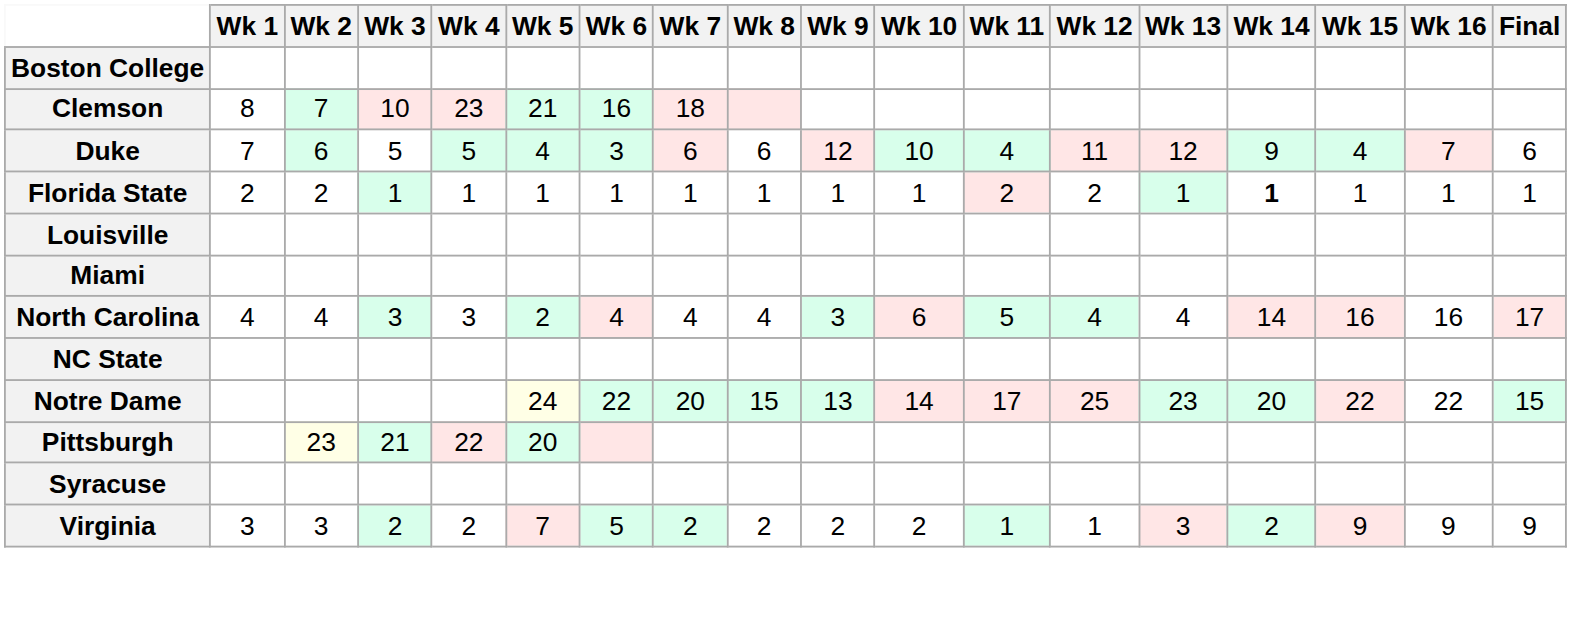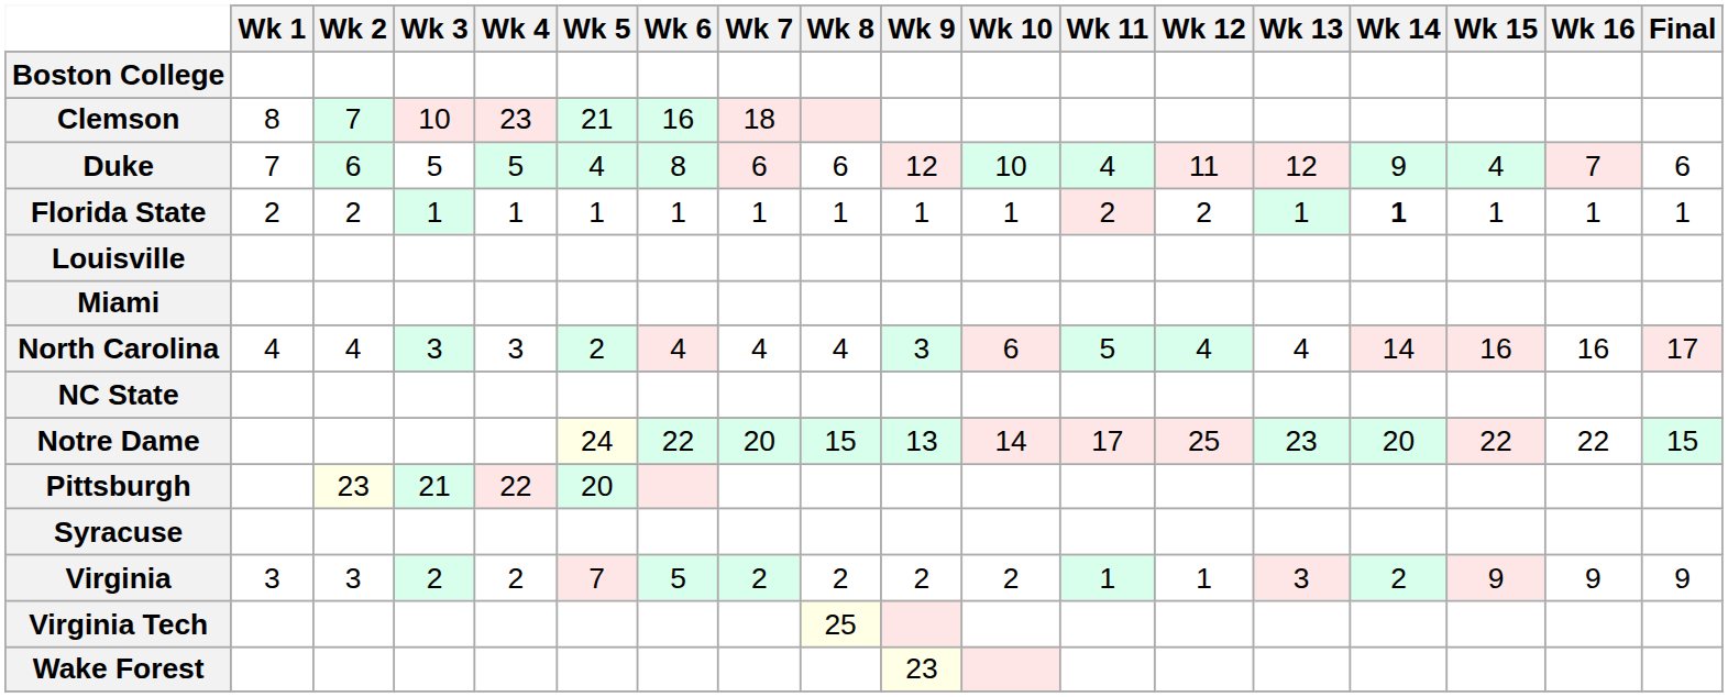 <table class="wikitable" style="white-space:nowrap;font-size:90%;">
 <tr>
 <th colspan=1 style="background:white; border-top-style:hidden; border-left-style:hidden;"> </th>
 <th>Wk 1 <br></th>
 <th>Wk 2 <br></th>
 <th>Wk 3 <br></th>
 <th>Wk 4 <br></th>
 <th>Wk 5 <br></th>
 <th>Wk 6 <br></th>
 <th>Wk 7 <br></th>
 <th>Wk 8 <br></th>
 <th>Wk 9 <br></th>
 <th>Wk 10 <br></th>
 <th>Wk 11 <br></th>
 <th>Wk 12 <br></th>
 <th>Wk 13 <br></th>
 <th>Wk 14 <br></th>
 <th>Wk 15 <br></th>
 <th>Wk 16 <br></th>
 <th>Final <br></th>
 </tr>
 <tr style="text-align:center;">
 <th>Boston College</th>
 <td style="background:#FFF;"></td>
 <td style="background:#FFF;"></td>
 <td style="background:#FFF;"></td>
 <td style="background:#FFF;"></td>
 <td style="background:#FFF;"></td>
 <td style="background:#FFF;"></td>
 <td style="background:#FFF;"></td>
 <td style="background:#FFF;"></td>
 <td style="background:#FFF;"></td>
 <td style="background:#FFF;"></td>
 <td style="background:#FFF;"></td>
 <td style="background:#FFF;"></td>
 <td style="background:#FFF;"></td>
 <td style="background:#FFF;"></td>
 <td style="background:#FFF;"></td>
 <td style="background:#FFF;"></td>
 <td style="background:#FFF;"></td>
 </tr>
 <tr style="text-align:center;">
 <th>Clemson</th>
 <td style="background:#FFF;"> 8</td>
 <td style="background:#D8FFEB;"> 7</td>
 <td style="background:#FFE6E6;"> 10</td>
 <td style="background:#FFE6E6;"> 23</td>
 <td style="background:#D8FFEB;"> 21</td>
 <td style="background:#D8FFEB;"> 16</td>
 <td style="background:#FFE6E6;"> 18</td>
 <td style="background:#FFE6E6;"></td>
 <td style="background:#FFF;"></td>
 <td style="background:#FFF;"></td>
 <td style="background:#FFF;"></td>
 <td style="background:#FFF;"></td>
 <td style="background:#FFF;"></td>
 <td style="background:#FFF;"></td>
 <td style="background:#FFF;"></td>
 <td style="background:#FFF;"></td>
 <td style="background:#FFF;"></td>
 </tr>
 <tr style="text-align:center;">
 <th>Duke</th>
 <td style="background:#FFF;"> 7</td>
 <td style="background:#D8FFEB;"> 6</td>
 <td style="background:#FFF;"> 5</td>
 <td style="background:#D8FFEB;"> 5</td>
 <td style="background:#D8FFEB;"> 4</td>
-<td style="background:#D8FFEB;"> 3</td>
+<td style="background:#D8FFEB;"> 8</td>
 <td style="background:#FFE6E6;"> 6</td>
 <td style="background:#FFF;"> 6</td>
 <td style="background:#FFE6E6;"> 12</td>
 <td style="background:#D8FFEB;"> 10</td>
 <td style="background:#D8FFEB;"> 4</td>
 <td style="background:#FFE6E6;"> 11</td>
 <td style="background:#FFE6E6;"> 12</td>
 <td style="background:#D8FFEB;"> 9</td>
 <td style="background:#D8FFEB;"> 4</td>
 <td style="background:#FFE6E6;"> 7</td>
 <td style="background:#FFF;"> 6</td>
 </tr>
 <tr style="text-align:center;">
 <th !>Florida State</th>
 <td style="background:#FFF;"> 2</td>
 <td style="background:#FFF;"> 2</td>
 <td style="background:#D8FFEB;"> 1</td>
 <td style="background:#FFF;"> 1</td>
 <td style="background:#FFF;"> 1</td>
 <td style="background:#FFF;"> 1</td>
 <td style="background:#FFF;"> 1</td>
 <td style="background:#FFF;"> 1</td>
 <td style="background:#FFF;"> 1</td>
 <td style="background:#FFF;"> 1</td>
 <td style="background:#FFE6E6;"> 2</td>
 <td style="background:#FFF;"> 2</td>
 <td style="background:#D8FFEB;"> 1</td>
 <td style="background:#FFF;"><strong> 1</strong></td>
 <td style="background:#FFF;"> 1</td>
 <td style="background:#FFF;"> 1</td>
 <td style="background:#FFF;"> 1</td>
 </tr>
 <tr style="text-align:center;">
 <th>Louisville</th>
 <td style="background:#FFF;"></td>
 <td style="background:#FFF;"></td>
 <td style="background:#FFF;"></td>
 <td style="background:#FFF;"></td>
 <td style="background:#FFF;"></td>
 <td style="background:#FFF;"></td>
 <td style="background:#FFF;"></td>
 <td style="background:#FFF;"></td>
 <td style="background:#FFF;"></td>
 <td style="background:#FFF;"></td>
 <td style="background:#FFF;"></td>
 <td style="background:#FFF;"></td>
 <td style="background:#FFF;"></td>
 <td style="background:#FFF;"></td>
 <td style="background:#FFF;"></td>
 <td style="background:#FFF;"></td>
 <td style="background:#FFF;"></td>
 </tr>
 <tr style="text-align:center;">
 <th>Miami</th>
 <td style="background:#FFF;"></td>
 <td style="background:#FFF;"></td>
 <td style="background:#FFF;"></td>
 <td style="background:#FFF;"></td>
 <td style="background:#FFF;"></td>
 <td style="background:#FFF;"></td>
 <td style="background:#FFF;"></td>
 <td style="background:#FFF;"></td>
 <td style="background:#FFF;"></td>
 <td style="background:#FFF;"></td>
 <td style="background:#FFF;"></td>
 <td style="background:#FFF;"></td>
 <td style="background:#FFF;"></td>
 <td style="background:#FFF;"></td>
 <td style="background:#FFF;"></td>
 <td style="background:#FFF;"></td>
 <td style="background:#FFF;"></td>
 </tr>
 <tr style="text-align:center;">
 <th>North Carolina</th>
 <td style="background:#FFF;"> 4</td>
 <td style="background:#FFF;"> 4</td>
 <td style="background:#D8FFEB;"> 3</td>
 <td style="background:#FFF;"> 3</td>
 <td style="background:#D8FFEB;"> 2</td>
 <td style="background:#FFE6E6;"> 4</td>
 <td style="background:#FFF;"> 4</td>
 <td style="background:#FFF;"> 4</td>
 <td style="background:#D8FFEB;"> 3</td>
 <td style="background:#FFE6E6;"> 6</td>
 <td style="background:#D8FFEB;"> 5</td>
 <td style="background:#D8FFEB;"> 4</td>
 <td style="background:#FFF;"> 4</td>
 <td style="background:#FFE6E6;"> 14</td>
 <td style="background:#FFE6E6;"> 16</td>
 <td style="background:#FFF;"> 16</td>
 <td style="background:#FFE6E6;"> 17</td>
 </tr>
 <tr style="text-align:center;">
 <th>NC State</th>
 <td style="background:#FFF;"></td>
 <td style="background:#FFF;"></td>
 <td style="background:#FFF;"></td>
 <td style="background:#FFF;"></td>
 <td style="background:#FFF;"></td>
 <td style="background:#FFF;"></td>
 <td style="background:#FFF;"></td>
 <td style="background:#FFF;"></td>
 <td style="background:#FFF;"></td>
 <td style="background:#FFF;"></td>
 <td style="background:#FFF;"></td>
 <td style="background:#FFF;"></td>
 <td style="background:#FFF;"></td>
 <td style="background:#FFF;"></td>
 <td style="background:#FFF;"></td>
 <td style="background:#FFF;"></td>
 <td style="background:#FFF;"></td>
 </tr>
 <tr style="text-align:center;">
 <th>Notre Dame</th>
 <td style="background:#FFF;"></td>
 <td style="background:#FFF;"></td>
 <td style="background:#FFF;"></td>
 <td style="background:#FFF;"></td>
 <td style="background:#FFFFE6;"> 24</td>
 <td style="background:#D8FFEB;"> 22</td>
 <td style="background:#D8FFEB;"> 20</td>
 <td style="background:#D8FFEB;"> 15</td>
 <td style="background:#D8FFEB;"> 13</td>
 <td style="background:#FFE6E6;"> 14</td>
 <td style="background:#FFE6E6;"> 17</td>
 <td style="background:#FFE6E6;"> 25</td>
 <td style="background:#D8FFEB;"> 23</td>
 <td style="background:#D8FFEB;"> 20</td>
 <td style="background:#FFE6E6;"> 22</td>
 <td style="background:#FFF;"> 22</td>
 <td style="background:#D8FFEB;"> 15</td>
 </tr>
 <tr style="text-align:center;">
 <th>Pittsburgh</th>
 <td style="background:#FFF;"></td>
 <td style="background:#FFFFE6;"> 23</td>
 <td style="background:#D8FFEB;"> 21</td>
 <td style="background:#FFE6E6;"> 22</td>
 <td style="background:#D8FFEB;"> 20</td>
 <td style="background:#FFE6E6;"></td>
 <td style="background:#FFF;"></td>
 <td style="background:#FFF;"></td>
 <td style="background:#FFF;"></td>
 <td style="background:#FFF;"></td>
 <td style="background:#FFF;"></td>
 <td style="background:#FFF;"></td>
 <td style="background:#FFF;"></td>
 <td style="background:#FFF;"></td>
 <td style="background:#FFF;"></td>
 <td style="background:#FFF;"></td>
 <td style="background:#FFF;"></td>
 </tr>
 <tr style="text-align:center;">
 <th>Syracuse</th>
 <td style="background:#FFF;"></td>
 <td style="background:#FFF;"></td>
 <td style="background:#FFF;"></td>
 <td style="background:#FFF;"></td>
 <td style="background:#FFF;"></td>
 <td style="background:#FFF;"></td>
 <td style="background:#FFF;"></td>
 <td style="background:#FFF;"></td>
 <td style="background:#FFF;"></td>
 <td style="background:#FFF;"></td>
 <td style="background:#FFF;"></td>
 <td style="background:#FFF;"></td>
 <td style="background:#FFF;"></td>
 <td style="background:#FFF;"></td>
 <td style="background:#FFF;"></td>
 <td style="background:#FFF;"></td>
 <td style="background:#FFF;"></td>
 </tr>
 <tr style="text-align:center;">
 <th>Virginia</th>
 <td style="background:#FFF;"> 3</td>
 <td style="background:#FFF;"> 3</td>
 <td style="background:#D8FFEB;"> 2</td>
 <td style="background:#FFF;"> 2</td>
 <td style="background:#FFE6E6;"> 7</td>
 <td style="background:#D8FFEB;"> 5</td>
 <td style="background:#D8FFEB;"> 2</td>
 <td style="background:#FFF;"> 2</td>
 <td style="background:#FFF;"> 2</td>
 <td style="background:#FFF;"> 2</td>
 <td style="background:#D8FFEB;"> 1</td>
 <td style="background:#FFF;"> 1</td>
 <td style="background:#FFE6E6;"> 3</td>
 <td style="background:#D8FFEB;"> 2</td>
 <td style="background:#FFE6E6;"> 9</td>
 <td style="background:#FFF;"> 9</td>
 <td style="background:#FFF;"> 9</td>
 </tr>
+<tr style="text-align:center;">
+<th>Virginia Tech</th>
+<td style="background:#FFF;"></td>
+<td style="background:#FFF;"></td>
+<td style="background:#FFF;"></td>
+<td style="background:#FFF;"></td>
+<td style="background:#FFF;"></td>
+<td style="background:#FFF;"></td>
+<td style="background:#FFF;"></td>
+<td style="background:#FFFFE6;"> 25</td>
+<td style="background:#FFE6E6;"></td>
+<td style="background:#FFF;"></td>
+<td style="background:#FFF;"></td>
+<td style="background:#FFF;"></td>
+<td style="background:#FFF;"></td>
+<td style="background:#FFF;"></td>
+<td style="background:#FFF;"></td>
+<td style="background:#FFF;"></td>
+<td style="background:#FFF;"></td>
+</tr>
+<tr style="text-align:center;">
+<th>Wake Forest</th>
+<td style="background:#FFF;"></td>
+<td style="background:#FFF;"></td>
+<td style="background:#FFF;"></td>
+<td style="background:#FFF;"></td>
+<td style="background:#FFF;"></td>
+<td style="background:#FFF;"></td>
+<td style="background:#FFF;"></td>
+<td style="background:#FFF;"></td>
+<td style="background:#FFFFE6;"> 23</td>
+<td style="background:#FFE6E6;"></td>
+<td style="background:#FFF;"></td>
+<td style="background:#FFF;"></td>
+<td style="background:#FFF;"></td>
+<td style="background:#FFF;"></td>
+<td style="background:#FFF;"></td>
+<td style="background:#FFF;"></td>
+<td style="background:#FFF;"></td>
+</tr>
 </table>
